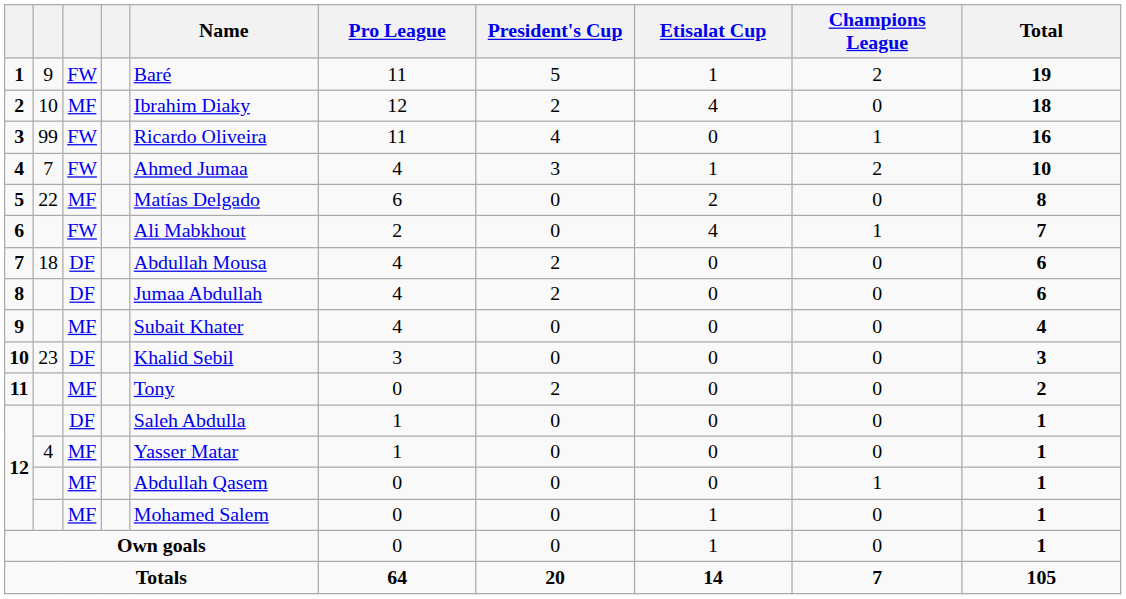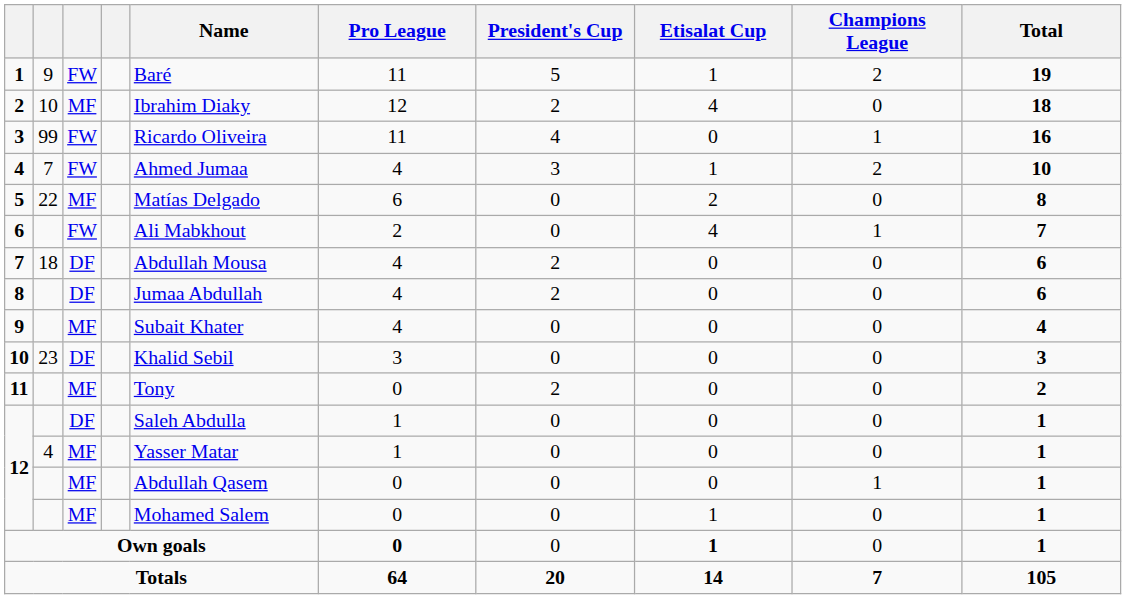 <table class="wikitable" style="text-align:center">
 <tr>
 <th width=15></th>
 <th width=15></th>
 <th width=15></th>
 <th width=15></th>
 <th width=145>Name</th>
 <th width=120><a href='#'>Pro League</a></th>
 <th width=120><a href='#'>President's Cup</a></th>
 <th width=120><a href='#'>Etisalat Cup</a></th>
 <th width=130><a href='#'>Champions League</a></th>
 <th width=120>Total</th>
 </tr>
 <tr>
 <td><strong>1</strong></td>
 <td>9</td>
 <td><a href='#'>FW</a></td>
 <td></td>
 <td align=left><a href='#'>Baré</a></td>
 <td>11</td>
 <td>5</td>
 <td>1</td>
 <td>2</td>
 <td><strong>19</strong></td>
 </tr>
 <tr>
 <td><strong>2</strong></td>
 <td>10</td>
 <td><a href='#'>MF</a></td>
 <td></td>
 <td align=left><a href='#'>Ibrahim Diaky</a></td>
 <td>12</td>
 <td>2</td>
 <td>4</td>
 <td>0</td>
 <td><strong>18</strong></td>
 </tr>
 <tr>
 <td><strong>3</strong></td>
 <td>99</td>
 <td><a href='#'>FW</a></td>
 <td></td>
 <td align=left><a href='#'>Ricardo Oliveira</a></td>
 <td>11</td>
 <td>4</td>
 <td>0</td>
 <td>1</td>
 <td><strong>16</strong></td>
 </tr>
 <tr>
 <td><strong>4</strong></td>
 <td>7</td>
 <td><a href='#'>FW</a></td>
 <td></td>
 <td align=left><a href='#'>Ahmed Jumaa</a></td>
 <td>4</td>
 <td>3</td>
 <td>1</td>
 <td>2</td>
 <td><strong>10</strong></td>
 </tr>
 <tr>
 <td><strong>5</strong></td>
 <td>22</td>
 <td><a href='#'>MF</a></td>
 <td></td>
 <td align=left><a href='#'>Matías Delgado</a></td>
 <td>6</td>
 <td>0</td>
 <td>2</td>
 <td>0</td>
 <td><strong>8</strong></td>
 </tr>
 <tr>
 <td><strong>6</strong></td>
 <td></td>
 <td><a href='#'>FW</a></td>
 <td></td>
 <td align=left><a href='#'>Ali Mabkhout</a></td>
 <td>2</td>
 <td>0</td>
 <td>4</td>
 <td>1</td>
 <td><strong>7</strong></td>
 </tr>
 <tr>
 <td><strong>7</strong></td>
 <td>18</td>
 <td><a href='#'>DF</a></td>
 <td></td>
 <td align=left><a href='#'>Abdullah Mousa</a></td>
 <td>4</td>
 <td>2</td>
 <td>0</td>
 <td>0</td>
 <td><strong>6</strong></td>
 </tr>
 <tr>
 <td><strong>8</strong></td>
 <td></td>
 <td><a href='#'>DF</a></td>
 <td></td>
 <td align=left><a href='#'>Jumaa Abdullah</a></td>
 <td>4</td>
 <td>2</td>
 <td>0</td>
 <td>0</td>
 <td><strong>6</strong></td>
 </tr>
 <tr>
 <td><strong>9</strong></td>
 <td></td>
 <td><a href='#'>MF</a></td>
 <td></td>
 <td align=left><a href='#'>Subait Khater</a></td>
 <td>4</td>
 <td>0</td>
 <td>0</td>
 <td>0</td>
 <td><strong>4</strong></td>
 </tr>
 <tr>
 <td><strong>10</strong></td>
 <td>23</td>
 <td><a href='#'>DF</a></td>
 <td></td>
 <td align=left><a href='#'>Khalid Sebil</a></td>
 <td>3</td>
 <td>0</td>
 <td>0</td>
 <td>0</td>
 <td><strong>3</strong></td>
 </tr>
 <tr>
 <td><strong>11</strong></td>
 <td></td>
 <td><a href='#'>MF</a></td>
 <td></td>
 <td align=left><a href='#'>Tony</a></td>
 <td>0</td>
 <td>2</td>
 <td>0</td>
 <td>0</td>
 <td><strong>2</strong></td>
 </tr>
 <tr>
 <td rowspan=4><strong>12</strong></td>
 <td></td>
 <td><a href='#'>DF</a></td>
 <td></td>
 <td align=left><a href='#'>Saleh Abdulla</a></td>
 <td>1</td>
 <td>0</td>
 <td>0</td>
 <td>0</td>
 <td><strong>1</strong></td>
 </tr>
 <tr>
 <td>4</td>
 <td><a href='#'>MF</a></td>
 <td></td>
 <td align=left><a href='#'>Yasser Matar</a></td>
 <td>1</td>
 <td>0</td>
 <td>0</td>
 <td>0</td>
 <td><strong>1</strong></td>
 </tr>
 <tr>
 <td></td>
 <td><a href='#'>MF</a></td>
 <td></td>
 <td align=left><a href='#'>Abdullah Qasem</a></td>
 <td>0</td>
 <td>0</td>
 <td>0</td>
 <td>1</td>
 <td><strong>1</strong></td>
 </tr>
 <tr>
 <td></td>
 <td><a href='#'>MF</a></td>
 <td></td>
 <td align=left><a href='#'>Mohamed Salem</a></td>
 <td>0</td>
 <td>0</td>
 <td>1</td>
 <td>0</td>
 <td><strong>1</strong></td>
 </tr>
 <tr>
 <td colspan=5><strong>Own goals</strong></td>
+<td><strong>0</strong></td>
 <td>0</td>
-<td>0</td>
-<td>1</td>
+<td><strong>1</strong></td>
 <td>0</td>
 <td><strong>1</strong></td>
 </tr>
 <tr>
 <td colspan=5><strong>Totals</strong></td>
 <td><strong>64</strong></td>
 <td><strong>20</strong></td>
 <td><strong>14</strong></td>
 <td><strong>7</strong></td>
 <td><strong>105</strong></td>
 </tr>
 </table>
